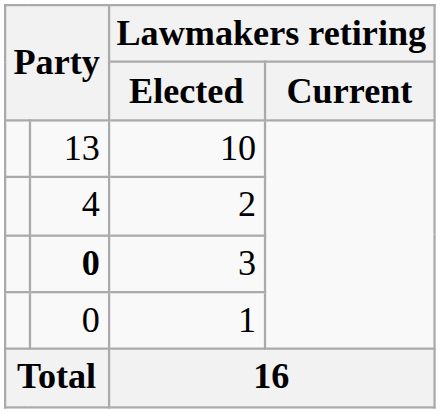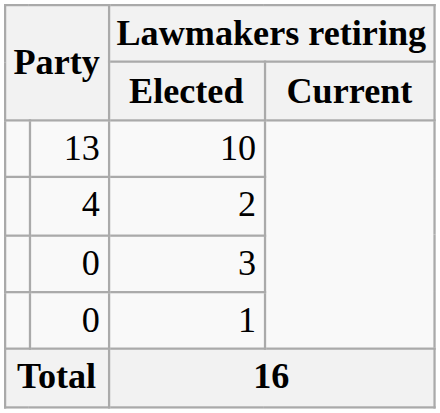 <table class=wikitable style="text-align:right">
 <tr>
 <th colspan="2" rowspan="2">Party</th>
 <th colspan="2">Lawmakers retiring</th>
 </tr>
 <tr>
 <th>Elected</th>
 <th>Current</th>
 </tr>
 <tr>
 <td></td>
 <td>13</td>
 <td>10</td>
 </tr>
 <tr>
 <td></td>
 <td>4</td>
 <td>2</td>
 </tr>
 <tr>
 <td></td>
-<td><strong>0</strong></td>
+<td>0</td>
 <td>3</td>
 </tr>
 <tr>
 <td></td>
 <td>0</td>
 <td>1</td>
 </tr>
 <tr>
 <th colspan="2">Total</th>
 <th colspan="2">16</th>
 </tr>
 </table>
